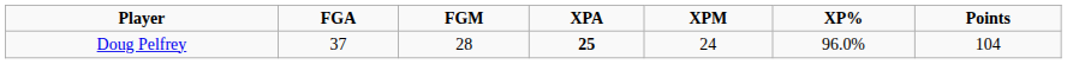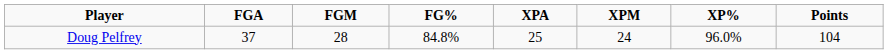 <table class="wikitable" width="80%">
 <tr align="center">
 <td><strong>Player</strong></td>
 <td><strong>FGA</strong></td>
 <td><strong>FGM</strong></td>
+<td><strong>FG%</strong></td>
 <td><strong>XPA</strong></td>
 <td><strong>XPM</strong></td>
 <td><strong>XP%</strong></td>
 <td><strong>Points</strong></td>
 </tr>
 <tr align="center" bgcolor="">
 <td><a href='#'>Doug Pelfrey</a></td>
 <td>37</td>
 <td>28</td>
-<td><strong>25</strong></td>
+<td>84.8%</td>
+<td>25</td>
 <td>24</td>
 <td>96.0%</td>
 <td>104</td>
 </tr>
 </table>
